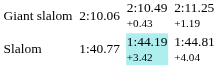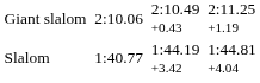 <table>
 <tr>
 <td>Giant slalom</td>
 <td></td>
 <td>2:10.06</td>
 <td></td>
 <td>2:10.49<br><small>+0.43</small></td>
 <td></td>
 <td>2:11.25<br><small>+1.19</small></td>
 </tr>
 <tr>
 <td>Slalom</td>
 <td></td>
 <td>1:40.77</td>
 <td></td>
-<td style="background: paleturquoise;">1:44.19<br><small>+3.42</small></td>
+<td>1:44.19<br><small>+3.42</small></td>
 <td></td>
 <td>1:44.81<br><small>+4.04</small></td>
 </tr>
 </table>
